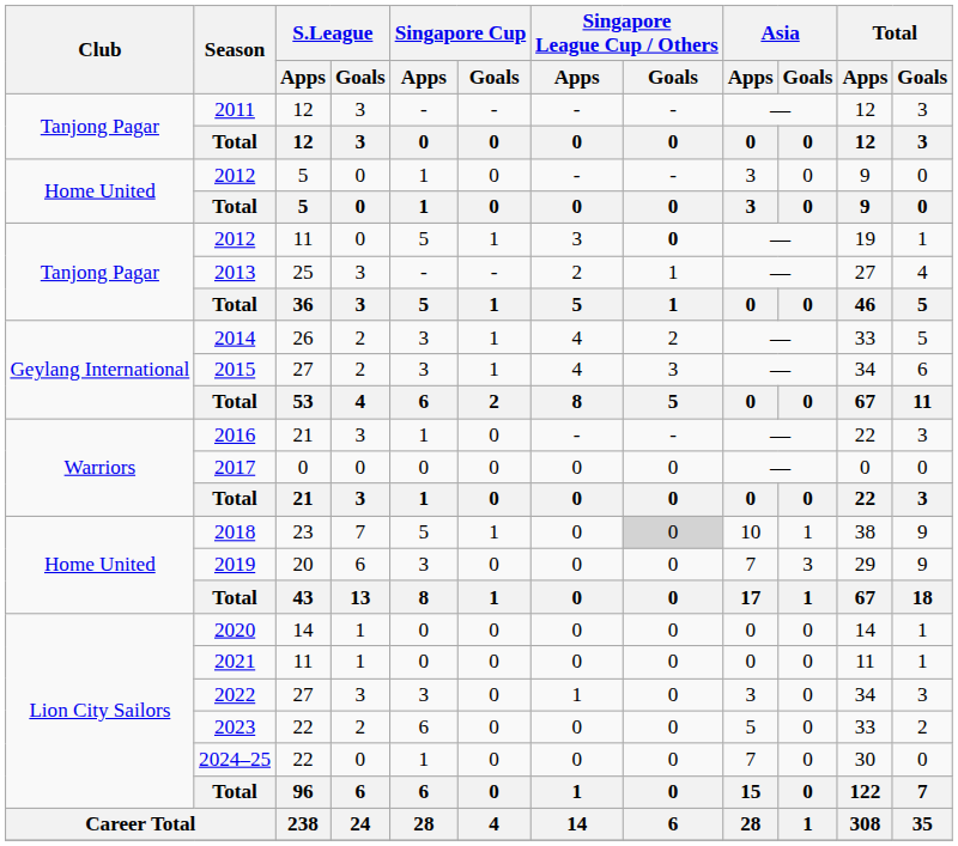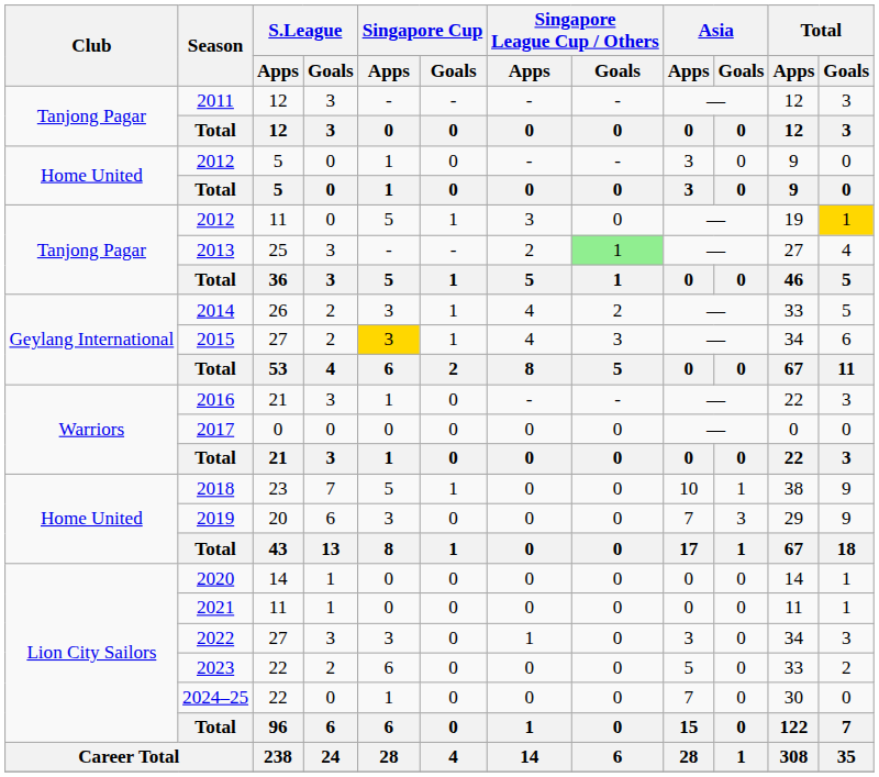 <table class="wikitable" style="text-align:center">
 <tr>
 <th rowspan="2">Club</th>
 <th rowspan="2">Season</th>
 <th colspan="2"><a href='#'>S.League</a></th>
 <th colspan="2"><a href='#'>Singapore Cup</a></th>
 <th colspan="2"><a href='#'>Singapore<br>League Cup / Others</a></th>
 <th colspan="2"><a href='#'>Asia</a></th>
 <th colspan="2">Total</th>
 </tr>
 <tr>
 <th>Apps</th>
 <th>Goals</th>
 <th>Apps</th>
 <th>Goals</th>
 <th>Apps</th>
 <th>Goals</th>
 <th>Apps</th>
 <th>Goals</th>
 <th>Apps</th>
 <th>Goals</th>
 </tr>
 <tr>
 <td rowspan="2"><a href='#'>Tanjong Pagar</a></td>
 <td><a href='#'>2011</a></td>
 <td>12</td>
 <td>3</td>
 <td>-</td>
 <td>-</td>
 <td>-</td>
 <td>-</td>
 <td colspan='2'>—</td>
 <td>12</td>
 <td>3</td>
 </tr>
 <tr>
 <th>Total</th>
 <th>12</th>
 <th>3</th>
 <th>0</th>
 <th>0</th>
 <th>0</th>
 <th>0</th>
 <th>0</th>
 <th>0</th>
 <th>12</th>
 <th>3</th>
 </tr>
 <tr>
 <td rowspan="2"><a href='#'>Home United</a></td>
 <td><a href='#'>2012</a></td>
 <td>5</td>
 <td>0</td>
 <td>1</td>
 <td>0</td>
 <td>-</td>
 <td>-</td>
 <td>3</td>
 <td>0</td>
 <td>9</td>
 <td>0</td>
 </tr>
 <tr>
 <th>Total</th>
 <th>5</th>
 <th>0</th>
 <th>1</th>
 <th>0</th>
 <th>0</th>
 <th>0</th>
 <th>3</th>
 <th>0</th>
 <th>9</th>
 <th>0</th>
 </tr>
 <tr>
 <td rowspan="3"><a href='#'>Tanjong Pagar</a></td>
 <td><a href='#'>2012</a></td>
 <td>11</td>
 <td>0</td>
 <td>5</td>
 <td>1</td>
 <td>3</td>
-<td><strong>0</strong></td>
+<td>0</td>
 <td colspan='2'>—</td>
 <td>19</td>
-<td>1</td>
+<td style="background: gold;">1</td>
 </tr>
 <tr>
 <td><a href='#'>2013</a></td>
 <td>25</td>
 <td>3</td>
 <td>-</td>
 <td>-</td>
 <td>2</td>
-<td>1</td>
+<td style="background: lightgreen;">1</td>
 <td colspan='2'>—</td>
 <td>27</td>
 <td>4</td>
 </tr>
 <tr>
 <th>Total</th>
 <th>36</th>
 <th>3</th>
 <th>5</th>
 <th>1</th>
 <th>5</th>
 <th>1</th>
 <th>0</th>
 <th>0</th>
 <th>46</th>
 <th>5</th>
 </tr>
 <tr>
 <td rowspan="3"><a href='#'>Geylang International</a></td>
 <td><a href='#'>2014</a></td>
 <td>26</td>
 <td>2</td>
 <td>3</td>
 <td>1</td>
 <td>4</td>
 <td>2</td>
 <td colspan='2'>—</td>
 <td>33</td>
 <td>5</td>
 </tr>
 <tr>
 <td><a href='#'>2015</a></td>
 <td>27</td>
 <td>2</td>
-<td>3</td>
+<td style="background: gold;">3</td>
 <td>1</td>
 <td>4</td>
 <td>3</td>
 <td colspan='2'>—</td>
 <td>34</td>
 <td>6</td>
 </tr>
 <tr>
 <th>Total</th>
 <th>53</th>
 <th>4</th>
 <th>6</th>
 <th>2</th>
 <th>8</th>
 <th>5</th>
 <th>0</th>
 <th>0</th>
 <th>67</th>
 <th>11</th>
 </tr>
 <tr>
 <td rowspan="3"><a href='#'>Warriors</a></td>
 <td><a href='#'>2016</a></td>
 <td>21</td>
 <td>3</td>
 <td>1</td>
 <td>0</td>
 <td>-</td>
 <td>-</td>
 <td colspan='2'>—</td>
 <td>22</td>
 <td>3</td>
 </tr>
 <tr>
 <td><a href='#'>2017</a></td>
 <td>0</td>
 <td>0</td>
 <td>0</td>
 <td>0</td>
 <td>0</td>
 <td>0</td>
 <td colspan='2'>—</td>
 <td>0</td>
 <td>0</td>
 </tr>
 <tr>
 <th>Total</th>
 <th>21</th>
 <th>3</th>
 <th>1</th>
 <th>0</th>
 <th>0</th>
 <th>0</th>
 <th>0</th>
 <th>0</th>
 <th>22</th>
 <th>3</th>
 </tr>
 <tr>
 <td rowspan="3"><a href='#'>Home United</a></td>
 <td><a href='#'>2018</a></td>
 <td>23</td>
 <td>7</td>
 <td>5</td>
 <td>1</td>
 <td>0</td>
-<td style="background: lightgrey;">0</td>
+<td>0</td>
 <td>10</td>
 <td>1</td>
 <td>38</td>
 <td>9</td>
 </tr>
 <tr>
 <td><a href='#'>2019</a></td>
 <td>20</td>
 <td>6</td>
 <td>3</td>
 <td>0</td>
 <td>0</td>
 <td>0</td>
 <td>7</td>
 <td>3</td>
 <td>29</td>
 <td>9</td>
 </tr>
 <tr>
 <th>Total</th>
 <th>43</th>
 <th>13</th>
 <th>8</th>
 <th>1</th>
 <th>0</th>
 <th>0</th>
 <th>17</th>
 <th>1</th>
 <th>67</th>
 <th>18</th>
 </tr>
 <tr>
 <td rowspan="6"><a href='#'>Lion City Sailors</a></td>
 <td><a href='#'>2020</a></td>
 <td>14</td>
 <td>1</td>
 <td>0</td>
 <td>0</td>
 <td>0</td>
 <td>0</td>
 <td>0</td>
 <td>0</td>
 <td>14</td>
 <td>1</td>
 </tr>
 <tr>
 <td><a href='#'>2021</a></td>
 <td>11</td>
 <td>1</td>
 <td>0</td>
 <td>0</td>
 <td>0</td>
 <td>0</td>
 <td>0</td>
 <td>0</td>
 <td>11</td>
 <td>1</td>
 </tr>
 <tr>
 <td><a href='#'>2022</a></td>
 <td>27</td>
 <td>3</td>
 <td>3</td>
 <td>0</td>
 <td>1</td>
 <td>0</td>
 <td>3</td>
 <td>0</td>
 <td>34</td>
 <td>3</td>
 </tr>
 <tr>
 <td><a href='#'>2023</a></td>
 <td>22</td>
 <td>2</td>
 <td>6</td>
 <td>0</td>
 <td>0</td>
 <td>0</td>
 <td>5</td>
 <td>0</td>
 <td>33</td>
 <td>2</td>
 </tr>
 <tr>
 <td><a href='#'>2024–25</a></td>
 <td>22</td>
 <td>0</td>
 <td>1</td>
 <td>0</td>
 <td>0</td>
 <td>0</td>
 <td>7</td>
 <td>0</td>
 <td>30</td>
 <td>0</td>
 </tr>
 <tr>
 <th>Total</th>
 <th>96</th>
 <th>6</th>
 <th>6</th>
 <th>0</th>
 <th>1</th>
 <th>0</th>
 <th>15</th>
 <th>0</th>
 <th>122</th>
 <th>7</th>
 </tr>
 <tr>
 <th colspan="2">Career Total</th>
 <th>238</th>
 <th>24</th>
 <th>28</th>
 <th>4</th>
 <th>14</th>
 <th>6</th>
 <th>28</th>
 <th>1</th>
 <th>308</th>
 <th>35</th>
 </tr>
 <tr>
 </tr>
 </table>
